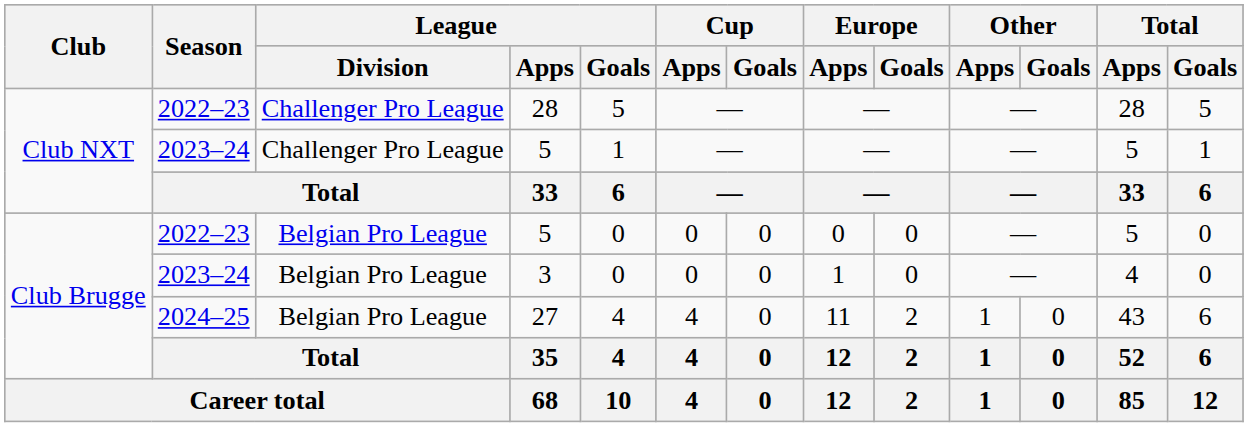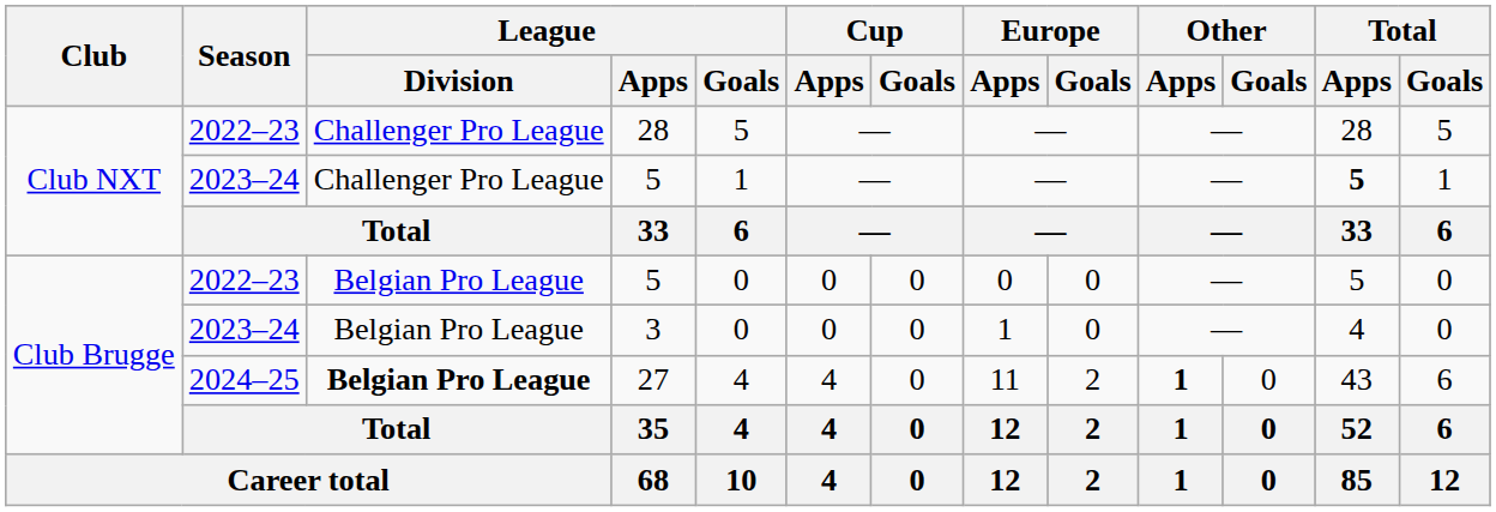 <table class=wikitable style=text-align:center>
 <tr>
 <th rowspan=2>Club</th>
 <th rowspan=2>Season</th>
 <th colspan=3>League</th>
 <th colspan=2>Cup</th>
 <th colspan=2>Europe</th>
 <th colspan=2>Other</th>
 <th colspan=2>Total</th>
 </tr>
 <tr>
 <th>Division</th>
 <th>Apps</th>
 <th>Goals</th>
 <th>Apps</th>
 <th>Goals</th>
 <th>Apps</th>
 <th>Goals</th>
 <th>Apps</th>
 <th>Goals</th>
 <th>Apps</th>
 <th>Goals</th>
 </tr>
 <tr>
 <td rowspan="3"><a href='#'>Club NXT</a></td>
 <td><a href='#'>2022–23</a></td>
 <td><a href='#'>Challenger Pro League</a></td>
 <td>28</td>
 <td>5</td>
 <td colspan="2">—</td>
 <td colspan="2">—</td>
 <td colspan="2">—</td>
 <td>28</td>
 <td>5</td>
 </tr>
 <tr>
 <td><a href='#'>2023–24</a></td>
 <td>Challenger Pro League</td>
 <td>5</td>
 <td>1</td>
 <td colspan="2">—</td>
 <td colspan="2">—</td>
 <td colspan="2">—</td>
-<td>5</td>
+<td><strong>5</strong></td>
 <td>1</td>
 </tr>
 <tr>
 <th colspan="2">Total</th>
 <th>33</th>
 <th>6</th>
 <th colspan="2">—</th>
 <th colspan="2">—</th>
 <th colspan="2">—</th>
 <th>33</th>
 <th>6</th>
 </tr>
 <tr>
 <td rowspan="4"><a href='#'>Club Brugge</a></td>
 <td><a href='#'>2022–23</a></td>
 <td><a href='#'>Belgian Pro League</a></td>
 <td>5</td>
 <td>0</td>
 <td>0</td>
 <td>0</td>
 <td>0</td>
 <td>0</td>
 <td colspan="2">—</td>
 <td>5</td>
 <td>0</td>
 </tr>
 <tr>
 <td><a href='#'>2023–24</a></td>
 <td>Belgian Pro League</td>
 <td>3</td>
 <td>0</td>
 <td>0</td>
 <td>0</td>
 <td>1</td>
 <td>0</td>
 <td colspan="2">—</td>
 <td>4</td>
 <td>0</td>
 </tr>
 <tr>
 <td><a href='#'>2024–25</a></td>
-<td>Belgian Pro League</td>
+<td><strong>Belgian Pro League</strong></td>
 <td>27</td>
 <td>4</td>
 <td>4</td>
 <td>0</td>
 <td>11</td>
 <td>2</td>
-<td>1</td>
+<td><strong>1</strong></td>
 <td>0</td>
 <td>43</td>
 <td>6</td>
 </tr>
 <tr>
 <th colspan="2">Total</th>
 <th>35</th>
 <th>4</th>
 <th>4</th>
 <th>0</th>
 <th>12</th>
 <th>2</th>
 <th>1</th>
 <th>0</th>
 <th>52</th>
 <th>6</th>
 </tr>
 <tr>
 <th colspan="3">Career total</th>
 <th>68</th>
 <th>10</th>
 <th>4</th>
 <th>0</th>
 <th>12</th>
 <th>2</th>
 <th>1</th>
 <th>0</th>
 <th>85</th>
 <th>12</th>
 </tr>
 </table>
